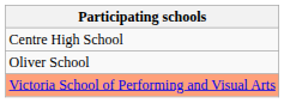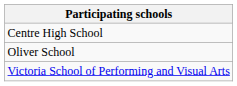 <table class="wikitable" align=right>
 <tr>
 <th>Participating schools</th>
 </tr>
 <tr>
 <td>Centre High School</td>
 </tr>
 <tr>
 <td>Oliver School</td>
 </tr>
 <tr>
-<td style="background: lightsalmon;"><a href='#'>Victoria School of Performing and Visual Arts</a></td>
+<td><a href='#'>Victoria School of Performing and Visual Arts</a></td>
 </tr>
 </table>
